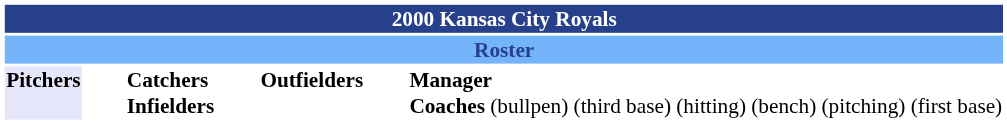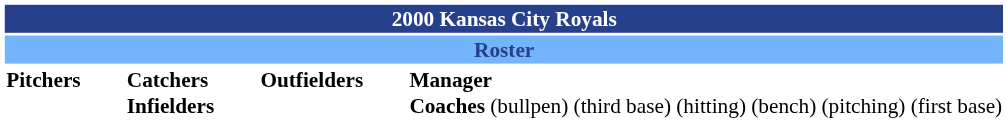 <table class="toccolours" style="font-size: 95%;">
 <tr>
 <th colspan="10" style="background-color: #27408B; color: #FFFFFF; text-align: center;">2000 Kansas City Royals</th>
 </tr>
 <tr>
 <td colspan="10" style="background-color: #74B4FA; color: #27408B; text-align: center;"><strong>Roster</strong></td>
 </tr>
 <tr>
-<td valign="top" style="background: lavender;"><strong>Pitchers</strong><br>                        </td>
+<td valign="top"><strong>Pitchers</strong><br>                        </td>
 <td width="25px"></td>
 <td valign="top"><strong>Catchers</strong><br>    <strong>Infielders</strong>         </td>
 <td width="25px"></td>
 <td valign="top"><strong>Outfielders</strong><br>      </td>
 <td width="25px"></td>
 <td valign="top"><strong>Manager</strong><br> <strong>Coaches</strong>  (bullpen)  (third base)  (hitting)  (bench)  (pitching)  (first base)</td>
 </tr>
 </table>
